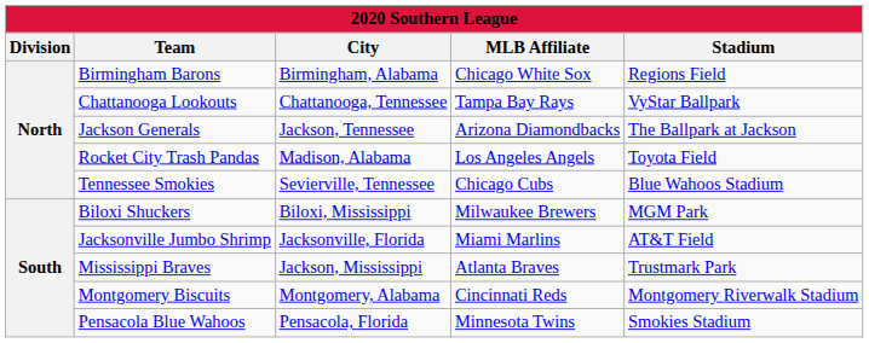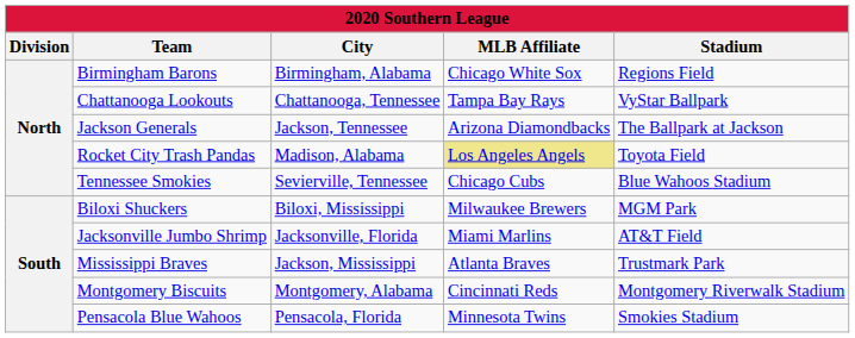 <table class="wikitable" style="width:auto">
 <tr>
 <td bgcolor="#DC143C" align="center" colspan="7"><strong><span>2020 Southern League</span></strong></td>
 </tr>
 <tr>
 <th>Division</th>
 <th>Team</th>
 <th>City</th>
 <th>MLB Affiliate</th>
 <th>Stadium</th>
 </tr>
 <tr>
 <th rowspan="5">North</th>
 <td><a href='#'>Birmingham Barons</a></td>
 <td><a href='#'>Birmingham, Alabama</a></td>
 <td><a href='#'>Chicago White Sox</a></td>
 <td><a href='#'>Regions Field</a></td>
 </tr>
 <tr>
 <td><a href='#'>Chattanooga Lookouts</a></td>
 <td><a href='#'>Chattanooga, Tennessee</a></td>
 <td><a href='#'>Tampa Bay Rays</a></td>
 <td><a href='#'>VyStar Ballpark</a></td>
 </tr>
 <tr>
 <td><a href='#'>Jackson Generals</a></td>
 <td><a href='#'>Jackson, Tennessee</a></td>
 <td><a href='#'>Arizona Diamondbacks</a></td>
 <td><a href='#'>The Ballpark at Jackson</a></td>
 </tr>
 <tr>
 <td><a href='#'>Rocket City Trash Pandas</a></td>
 <td><a href='#'>Madison, Alabama</a></td>
-<td><a href='#'>Los Angeles Angels</a></td>
+<td style="background: khaki;"><a href='#'>Los Angeles Angels</a></td>
 <td><a href='#'>Toyota Field</a></td>
 </tr>
 <tr>
 <td><a href='#'>Tennessee Smokies</a></td>
 <td><a href='#'>Sevierville, Tennessee</a></td>
 <td><a href='#'>Chicago Cubs</a></td>
 <td><a href='#'>Blue Wahoos Stadium</a></td>
 </tr>
 <tr>
 <th rowspan="5">South</th>
 <td><a href='#'>Biloxi Shuckers</a></td>
 <td><a href='#'>Biloxi, Mississippi</a></td>
 <td><a href='#'>Milwaukee Brewers</a></td>
 <td><a href='#'>MGM Park</a></td>
 </tr>
 <tr>
 <td><a href='#'>Jacksonville Jumbo Shrimp</a></td>
 <td><a href='#'>Jacksonville, Florida</a></td>
 <td><a href='#'>Miami Marlins</a></td>
 <td><a href='#'>AT&T Field</a></td>
 </tr>
 <tr>
 <td><a href='#'>Mississippi Braves</a></td>
 <td><a href='#'>Jackson, Mississippi</a></td>
 <td><a href='#'>Atlanta Braves</a></td>
 <td><a href='#'>Trustmark Park</a></td>
 </tr>
 <tr>
 <td><a href='#'>Montgomery Biscuits</a></td>
 <td><a href='#'>Montgomery, Alabama</a></td>
 <td><a href='#'>Cincinnati Reds</a></td>
 <td><a href='#'>Montgomery Riverwalk Stadium</a></td>
 </tr>
 <tr>
 <td><a href='#'>Pensacola Blue Wahoos</a></td>
 <td><a href='#'>Pensacola, Florida</a></td>
 <td><a href='#'>Minnesota Twins</a></td>
 <td><a href='#'>Smokies Stadium</a></td>
 </tr>
 </table>
